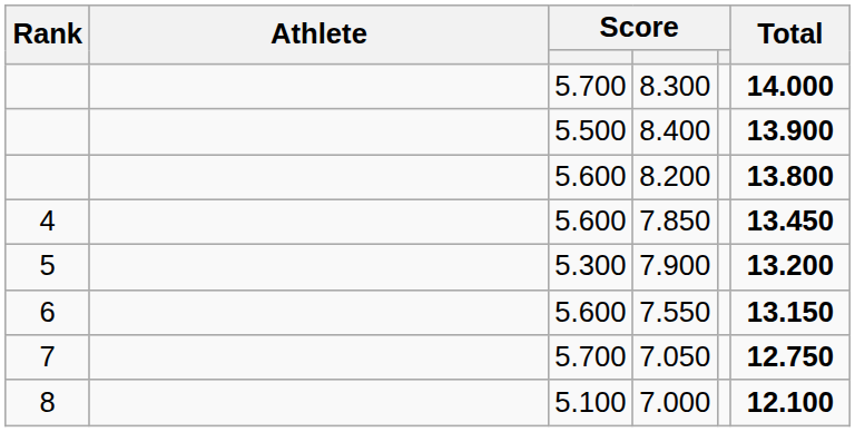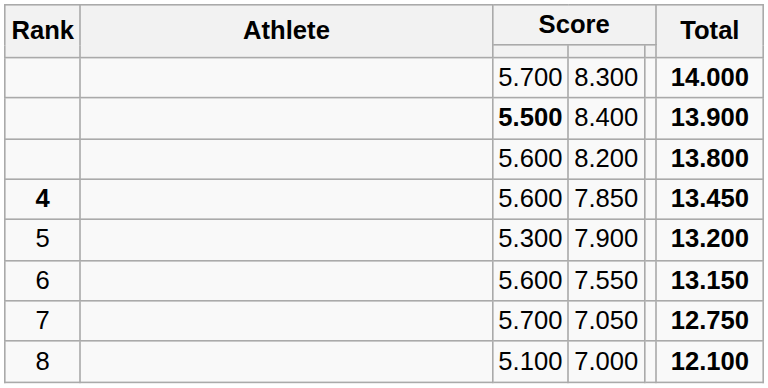 <table class=wikitable style="text-align:center">
 <tr>
 <th width="40" rowspan="2">Rank</th>
 <th width="250" rowspan="2">Athlete</th>
 <th width="60" colspan="3">Score</th>
 <th width="60" rowspan="2">Total</th>
 </tr>
 <tr>
 <th></th>
 <th></th>
 <th></th>
 </tr>
 <tr>
 <td></td>
 <td align="left"></td>
 <td>5.700</td>
 <td>8.300</td>
 <td></td>
 <td><strong>14.000</strong></td>
 </tr>
 <tr>
 <td></td>
 <td align="left"></td>
-<td>5.500</td>
+<td><strong>5.500</strong></td>
 <td>8.400</td>
 <td></td>
 <td><strong>13.900</strong></td>
 </tr>
 <tr>
 <td></td>
 <td align="left"></td>
 <td>5.600</td>
 <td>8.200</td>
 <td></td>
 <td><strong>13.800</strong></td>
 </tr>
 <tr>
-<td>4</td>
+<td><strong>4</strong></td>
 <td align="left"></td>
 <td>5.600</td>
 <td>7.850</td>
 <td></td>
 <td><strong>13.450</strong></td>
 </tr>
 <tr>
 <td>5</td>
 <td align="left"></td>
 <td>5.300</td>
 <td>7.900</td>
 <td></td>
 <td><strong>13.200</strong></td>
 </tr>
 <tr>
 <td>6</td>
 <td align="left"></td>
 <td>5.600</td>
 <td>7.550</td>
 <td></td>
 <td><strong>13.150</strong></td>
 </tr>
 <tr>
 <td>7</td>
 <td align="left"></td>
 <td>5.700</td>
 <td>7.050</td>
 <td></td>
 <td><strong>12.750</strong></td>
 </tr>
 <tr>
 <td>8</td>
 <td align="left"></td>
 <td>5.100</td>
 <td>7.000</td>
 <td></td>
 <td><strong>12.100</strong></td>
 </tr>
 </table>
